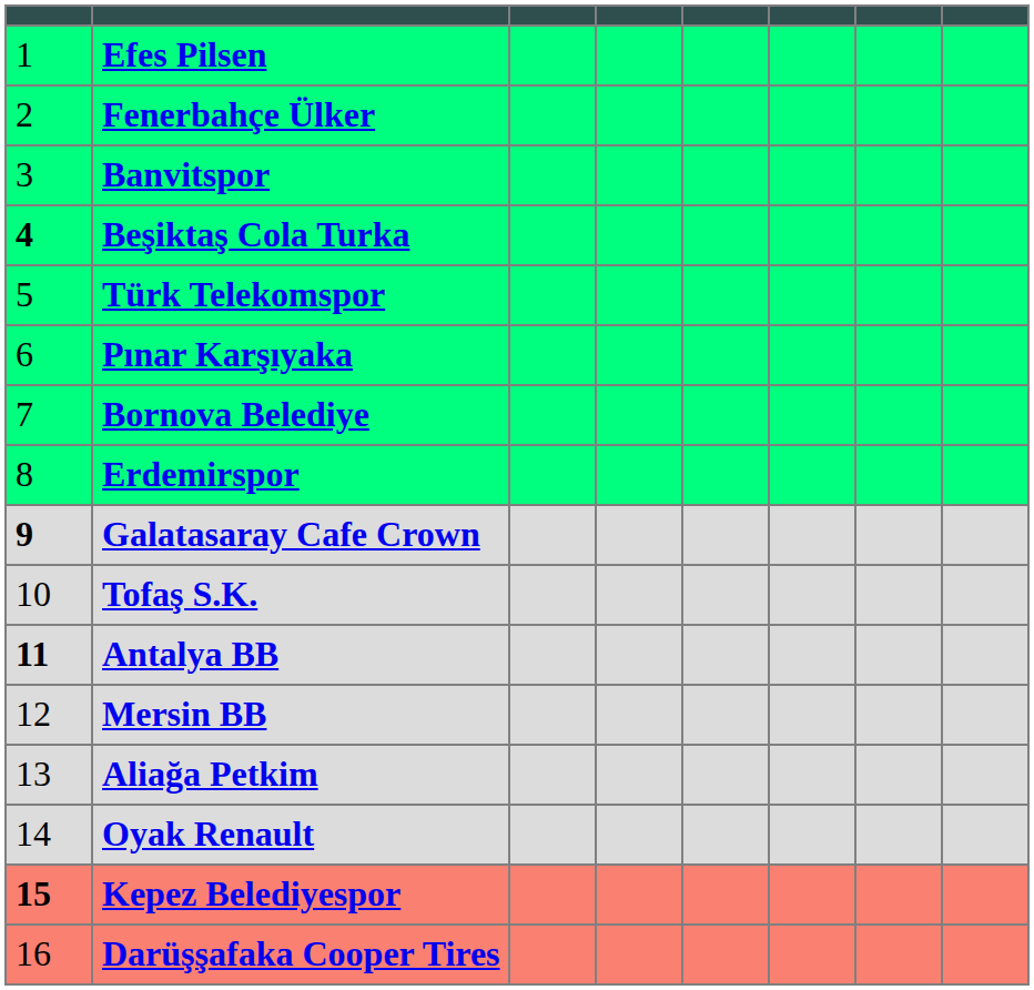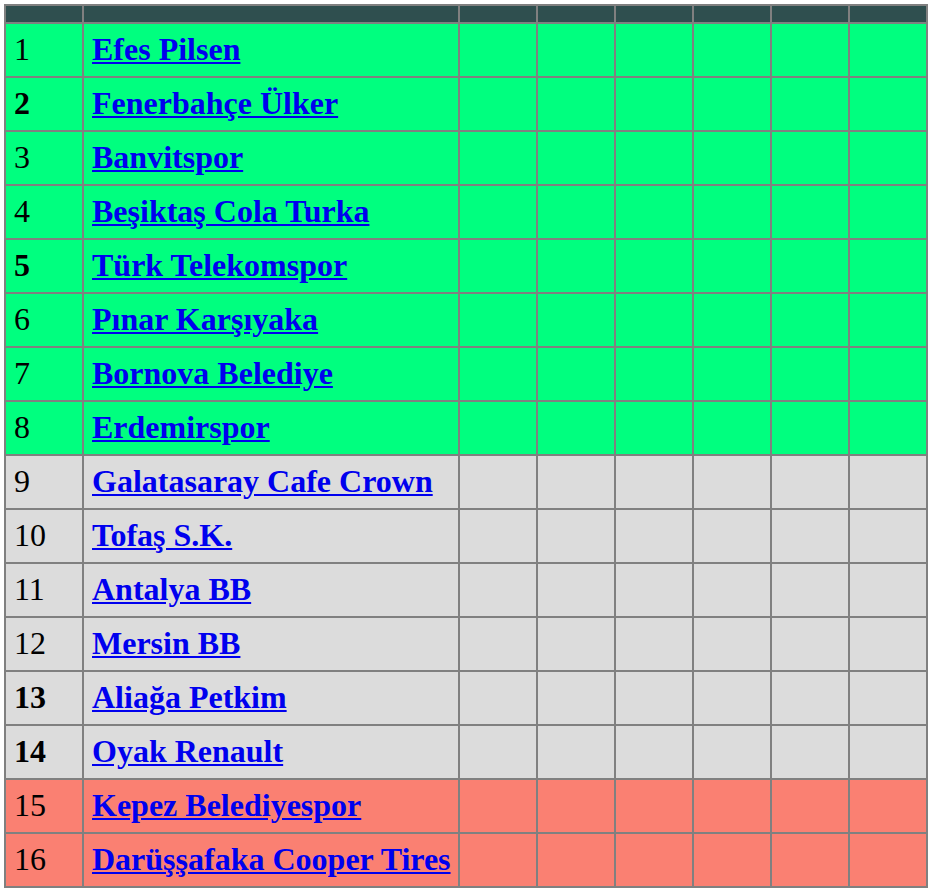 <table class="toccolours" border="1" cellpadding="4" cellspacing="0" style="border-collapse: collapse; margin:0;">
 <tr bgcolor=2f4f4f>
 <th width=30></th>
 <th></th>
 <th width=30></th>
 <th width=30></th>
 <th width=30></th>
 <th width=30></th>
 <th width=30></th>
 <th width=30></th>
 </tr>
 <tr bgcolor=00ff7f>
 <td>1</td>
 <td><strong><a href='#'>Efes Pilsen</a></strong></td>
 <td></td>
 <td></td>
 <td></td>
 <td></td>
 <td></td>
 <td></td>
 </tr>
 <tr bgcolor=00ff7f>
-<td>2</td>
+<td><strong>2</strong></td>
 <td><strong><a href='#'>Fenerbahçe Ülker</a></strong></td>
 <td></td>
 <td></td>
 <td></td>
 <td></td>
 <td></td>
 <td></td>
 </tr>
 <tr bgcolor=00ff7f>
 <td>3</td>
 <td><strong><a href='#'>Banvitspor</a></strong></td>
 <td></td>
 <td></td>
 <td></td>
 <td></td>
 <td></td>
 <td></td>
 </tr>
 <tr bgcolor=00ff7f>
-<td><strong>4</strong></td>
+<td>4</td>
 <td><strong><a href='#'>Beşiktaş Cola Turka</a></strong></td>
 <td></td>
 <td></td>
 <td></td>
 <td></td>
 <td></td>
 <td></td>
 </tr>
 <tr bgcolor=00ff7f>
-<td>5</td>
+<td><strong>5</strong></td>
 <td><strong><a href='#'>Türk Telekomspor</a></strong></td>
 <td></td>
 <td></td>
 <td></td>
 <td></td>
 <td></td>
 <td></td>
 </tr>
 <tr bgcolor=00ff7f>
 <td>6</td>
 <td><strong><a href='#'>Pınar Karşıyaka</a></strong></td>
 <td></td>
 <td></td>
 <td></td>
 <td></td>
 <td></td>
 <td></td>
 </tr>
 <tr bgcolor=00ff7f>
 <td>7</td>
 <td><strong><a href='#'>Bornova Belediye</a></strong></td>
 <td></td>
 <td></td>
 <td></td>
 <td></td>
 <td></td>
 <td></td>
 </tr>
 <tr bgcolor=00ff7f>
 <td>8</td>
 <td><strong><a href='#'>Erdemirspor</a></strong></td>
 <td></td>
 <td></td>
 <td></td>
 <td></td>
 <td></td>
 <td></td>
 </tr>
 <tr bgcolor=dcdcdc>
-<td><strong>9</strong></td>
+<td>9</td>
 <td><strong><a href='#'>Galatasaray Cafe Crown</a></strong></td>
 <td></td>
 <td></td>
 <td></td>
 <td></td>
 <td></td>
 <td></td>
 </tr>
 <tr bgcolor=dcdcdc>
 <td>10</td>
 <td><strong><a href='#'>Tofaş S.K.</a></strong></td>
 <td></td>
 <td></td>
 <td></td>
 <td></td>
 <td></td>
 <td></td>
 </tr>
 <tr bgcolor=dcdcdc>
-<td><strong>11</strong></td>
+<td>11</td>
 <td><strong><a href='#'>Antalya BB</a></strong></td>
 <td></td>
 <td></td>
 <td></td>
 <td></td>
 <td></td>
 <td></td>
 </tr>
 <tr bgcolor=dcdcdc>
 <td>12</td>
 <td><strong><a href='#'>Mersin BB</a></strong></td>
 <td></td>
 <td></td>
 <td></td>
 <td></td>
 <td></td>
 <td></td>
 </tr>
 <tr bgcolor=dcdcdc>
-<td>13</td>
+<td><strong>13</strong></td>
 <td><strong><a href='#'>Aliağa Petkim</a></strong></td>
 <td></td>
 <td></td>
 <td></td>
 <td></td>
 <td></td>
 <td></td>
 </tr>
 <tr bgcolor=dcdcdc>
-<td>14</td>
+<td><strong>14</strong></td>
 <td><strong><a href='#'>Oyak Renault</a></strong></td>
 <td></td>
 <td></td>
 <td></td>
 <td></td>
 <td></td>
 <td></td>
 </tr>
 <tr bgcolor=fa8072>
-<td><strong>15</strong></td>
+<td>15</td>
 <td><strong><a href='#'>Kepez Belediyespor</a></strong></td>
 <td></td>
 <td></td>
 <td></td>
 <td></td>
 <td></td>
 <td></td>
 </tr>
 <tr bgcolor=fa8072>
 <td>16</td>
 <td><strong><a href='#'>Darüşşafaka Cooper Tires</a></strong></td>
 <td></td>
 <td></td>
 <td></td>
 <td></td>
 <td></td>
 <td></td>
 </tr>
 <tr>
 </tr>
 </table>
